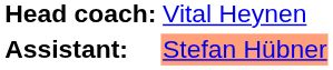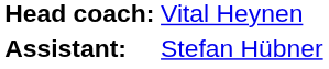 <table>
 <tr>
 <td><strong>Head coach:</strong></td>
 <td><a href='#'>Vital Heynen</a></td>
 </tr>
 <tr>
 <td><strong>Assistant:</strong></td>
-<td style="background: lightsalmon;"><a href='#'>Stefan Hübner</a></td>
+<td><a href='#'>Stefan Hübner</a></td>
 </tr>
 </table>
